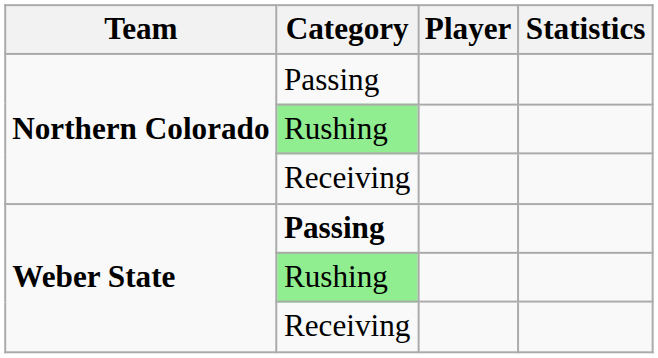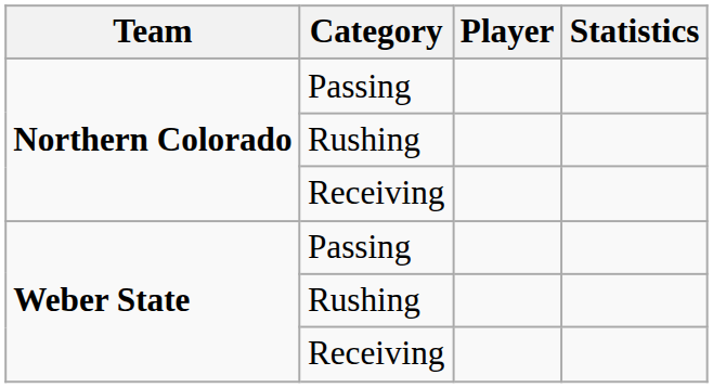 <table class="wikitable" style="float: right;">
 <tr>
 <th>Team</th>
 <th>Category</th>
 <th>Player</th>
 <th>Statistics</th>
 </tr>
 <tr>
 <td rowspan=3><strong>Northern Colorado</strong></td>
 <td>Passing</td>
 <td></td>
 <td></td>
 </tr>
 <tr>
-<td style="background: lightgreen;">Rushing</td>
+<td>Rushing</td>
 <td></td>
 <td></td>
 </tr>
 <tr>
 <td>Receiving</td>
 <td></td>
 <td></td>
 </tr>
 <tr>
 <td rowspan=3><strong>Weber State</strong></td>
-<td><strong>Passing</strong></td>
+<td>Passing</td>
 <td></td>
 <td></td>
 </tr>
 <tr>
-<td style="background: lightgreen;">Rushing</td>
+<td>Rushing</td>
 <td></td>
 <td></td>
 </tr>
 <tr>
 <td>Receiving</td>
 <td></td>
 <td></td>
 </tr>
 </table>
